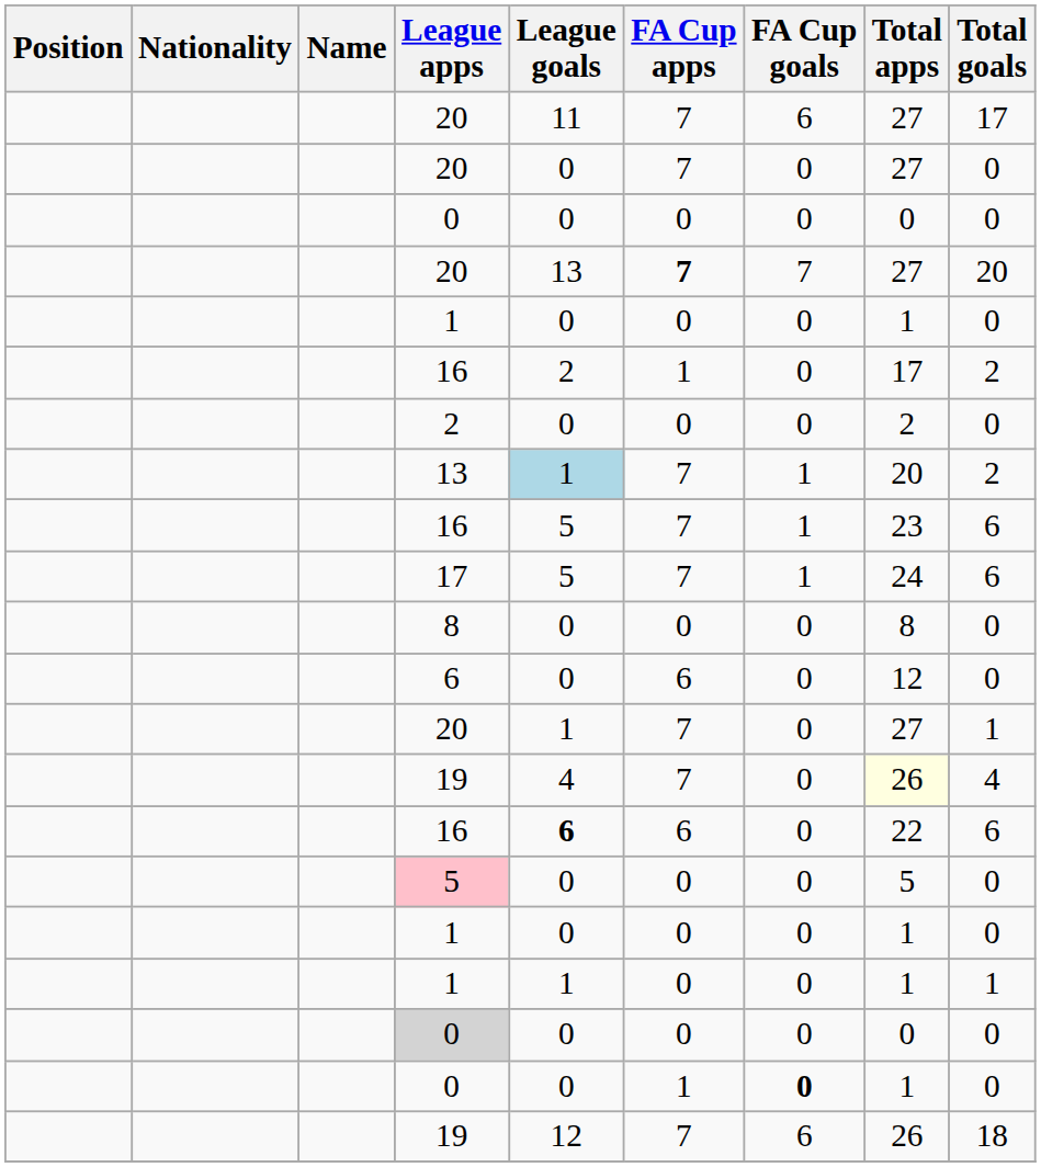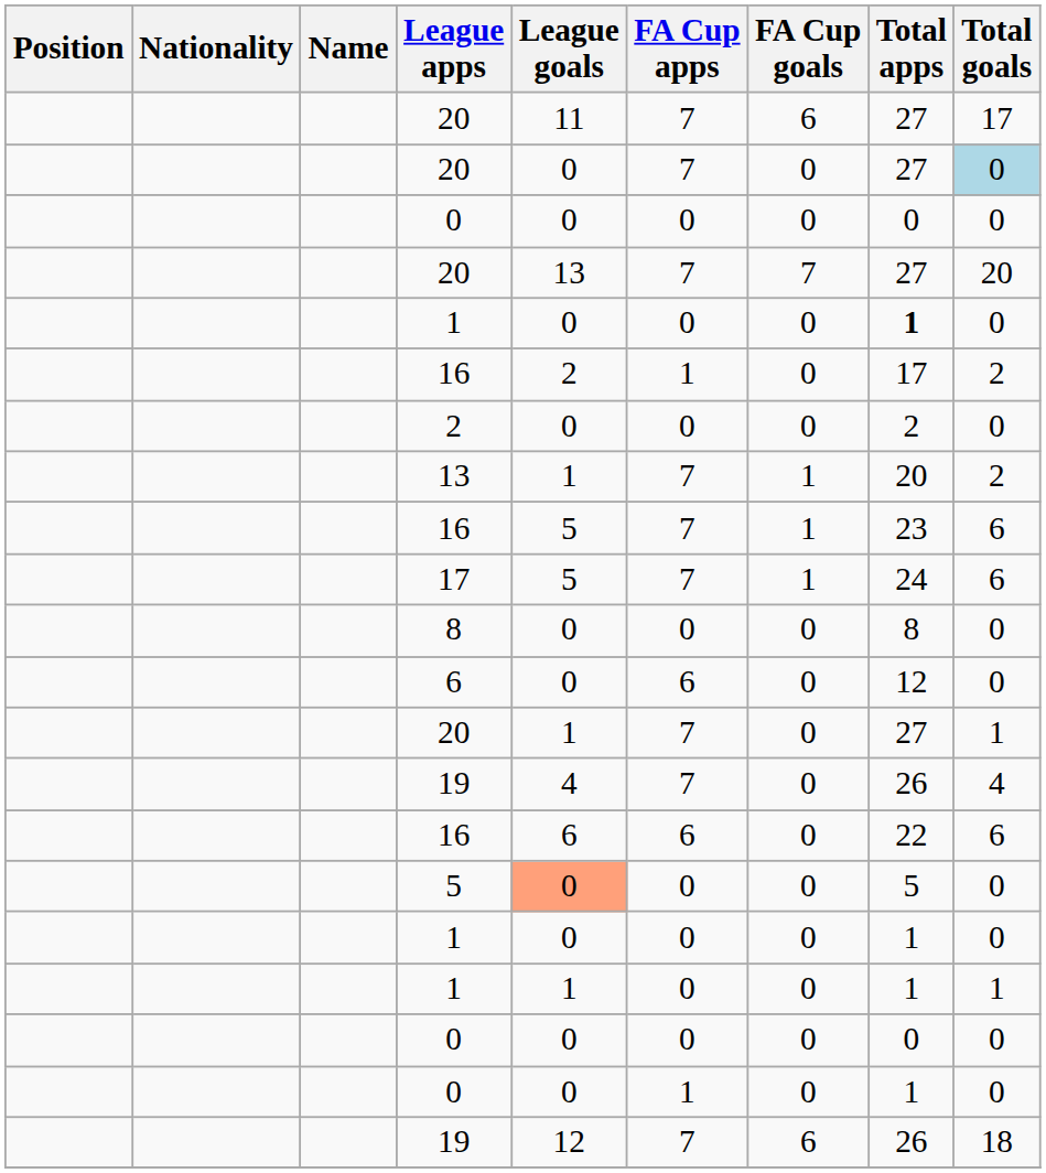 <table class="wikitable sortable" style="text-align:center">
 <tr>
 <th>Position</th>
 <th>Nationality</th>
 <th>Name</th>
 <th><a href='#'>League</a><br>apps</th>
 <th>League<br>goals</th>
 <th><a href='#'>FA Cup</a><br>apps</th>
 <th>FA Cup<br>goals</th>
 <th>Total<br>apps</th>
 <th>Total<br>goals</th>
 </tr>
 <tr>
 <td></td>
 <td></td>
 <td align="left"></td>
 <td>20</td>
 <td>11</td>
 <td>7</td>
 <td>6</td>
 <td>27</td>
 <td>17</td>
 </tr>
 <tr>
 <td></td>
 <td></td>
 <td align="left"></td>
 <td>20</td>
 <td>0</td>
 <td>7</td>
 <td>0</td>
 <td>27</td>
-<td>0</td>
+<td style="background: lightblue;">0</td>
 </tr>
 <tr>
 <td></td>
 <td></td>
 <td align="left"></td>
 <td>0</td>
 <td>0</td>
 <td>0</td>
 <td>0</td>
 <td>0</td>
 <td>0</td>
 </tr>
 <tr>
 <td></td>
 <td></td>
 <td align="left"></td>
 <td>20</td>
 <td>13</td>
-<td><strong>7</strong></td>
+<td>7</td>
 <td>7</td>
 <td>27</td>
 <td>20</td>
 </tr>
 <tr>
 <td></td>
 <td></td>
 <td align="left"></td>
 <td>1</td>
 <td>0</td>
 <td>0</td>
 <td>0</td>
-<td>1</td>
+<td><strong>1</strong></td>
 <td>0</td>
 </tr>
 <tr>
 <td></td>
 <td></td>
 <td align="left"></td>
 <td>16</td>
 <td>2</td>
 <td>1</td>
 <td>0</td>
 <td>17</td>
 <td>2</td>
 </tr>
 <tr>
 <td></td>
 <td></td>
 <td align="left"> </td>
 <td>2</td>
 <td>0</td>
 <td>0</td>
 <td>0</td>
 <td>2</td>
 <td>0</td>
 </tr>
 <tr>
 <td></td>
 <td></td>
 <td align="left"></td>
 <td>13</td>
-<td style="background: lightblue;">1</td>
+<td>1</td>
 <td>7</td>
 <td>1</td>
 <td>20</td>
 <td>2</td>
 </tr>
 <tr>
 <td></td>
 <td></td>
 <td align="left"></td>
 <td>16</td>
 <td>5</td>
 <td>7</td>
 <td>1</td>
 <td>23</td>
 <td>6</td>
 </tr>
 <tr>
 <td></td>
 <td></td>
 <td align="left"></td>
 <td>17</td>
 <td>5</td>
 <td>7</td>
 <td>1</td>
 <td>24</td>
 <td>6</td>
 </tr>
 <tr>
 <td></td>
 <td></td>
 <td align="left"></td>
 <td>8</td>
 <td>0</td>
 <td>0</td>
 <td>0</td>
 <td>8</td>
 <td>0</td>
 </tr>
 <tr>
 <td></td>
 <td></td>
 <td align="left"></td>
 <td>6</td>
 <td>0</td>
 <td>6</td>
 <td>0</td>
 <td>12</td>
 <td>0</td>
 </tr>
 <tr>
 <td></td>
 <td></td>
 <td align="left"></td>
 <td>20</td>
 <td>1</td>
 <td>7</td>
 <td>0</td>
 <td>27</td>
 <td>1</td>
 </tr>
 <tr>
 <td></td>
 <td></td>
 <td align="left"></td>
 <td>19</td>
 <td>4</td>
 <td>7</td>
 <td>0</td>
-<td style="background: lightyellow;">26</td>
+<td>26</td>
 <td>4</td>
 </tr>
 <tr>
 <td></td>
 <td></td>
 <td align="left"></td>
 <td>16</td>
-<td><strong>6</strong></td>
+<td>6</td>
 <td>6</td>
 <td>0</td>
 <td>22</td>
 <td>6</td>
 </tr>
 <tr>
 <td></td>
 <td></td>
 <td align="left"></td>
-<td style="background: pink;">5</td>
-<td>0</td>
+<td>5</td>
+<td style="background: lightsalmon;">0</td>
 <td>0</td>
 <td>0</td>
 <td>5</td>
 <td>0</td>
 </tr>
 <tr>
 <td></td>
 <td></td>
 <td align="left"></td>
 <td>1</td>
 <td>0</td>
 <td>0</td>
 <td>0</td>
 <td>1</td>
 <td>0</td>
 </tr>
 <tr>
 <td></td>
 <td></td>
 <td align="left"> </td>
 <td>1</td>
 <td>1</td>
 <td>0</td>
 <td>0</td>
 <td>1</td>
 <td>1</td>
 </tr>
 <tr>
 <td></td>
 <td></td>
 <td align="left"></td>
-<td style="background: lightgrey;">0</td>
+<td>0</td>
 <td>0</td>
 <td>0</td>
 <td>0</td>
 <td>0</td>
 <td>0</td>
 </tr>
 <tr>
 <td></td>
 <td></td>
 <td align="left"> </td>
 <td>0</td>
 <td>0</td>
 <td>1</td>
-<td><strong>0</strong></td>
+<td>0</td>
 <td>1</td>
 <td>0</td>
 </tr>
 <tr>
 <td></td>
 <td></td>
 <td align="left"></td>
 <td>19</td>
 <td>12</td>
 <td>7</td>
 <td>6</td>
 <td>26</td>
 <td>18</td>
 </tr>
 <tr>
 </tr>
 </table>
